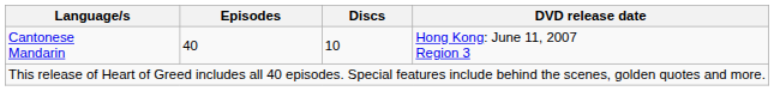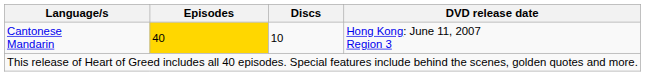 <table class="wikitable">
 <tr>
 <th>Language/s</th>
 <th>Episodes</th>
 <th>Discs</th>
 <th>DVD release date</th>
 </tr>
 <tr>
 <td><a href='#'>Cantonese</a><br><a href='#'>Mandarin</a></td>
-<td>40</td>
+<td style="background: gold;">40</td>
 <td>10</td>
 <td><a href='#'>Hong Kong</a>: June 11, 2007<br><a href='#'>Region 3</a></td>
 </tr>
 <tr>
 <td colspan="4">This release of Heart of Greed includes all 40 episodes. Special features include behind the scenes, golden quotes and more.</td>
 </tr>
 </table>
